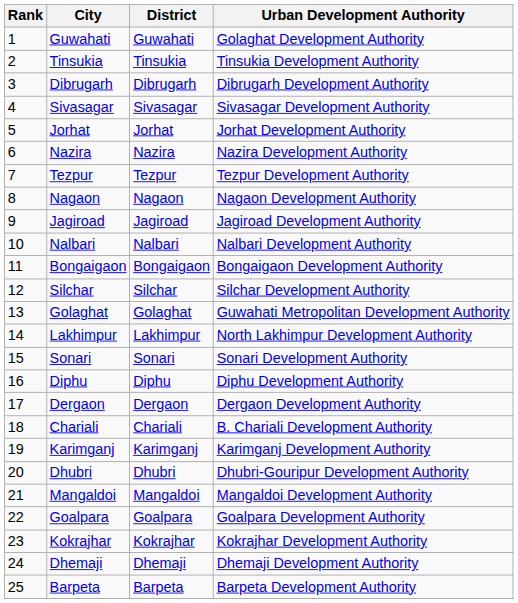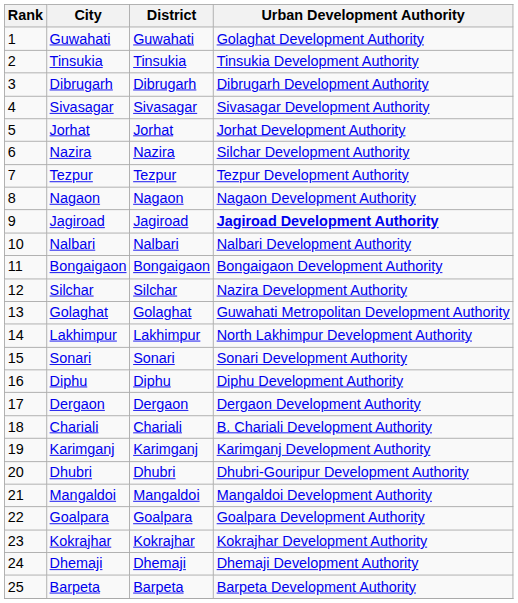 <table class="wikitable sortable">
 <tr>
 <th>Rank</th>
 <th>City</th>
 <th>District</th>
 <th>Urban Development Authority</th>
 </tr>
 <tr>
 <td>1</td>
 <td><a href='#'>Guwahati</a></td>
 <td><a href='#'>Guwahati</a></td>
 <td><a href='#'>Golaghat Development Authority</a></td>
 </tr>
 <tr>
 <td>2</td>
 <td><a href='#'>Tinsukia</a></td>
 <td><a href='#'>Tinsukia</a></td>
 <td><a href='#'>Tinsukia Development Authority</a></td>
 </tr>
 <tr>
 <td>3</td>
 <td><a href='#'>Dibrugarh</a></td>
 <td><a href='#'>Dibrugarh</a></td>
 <td><a href='#'>Dibrugarh Development Authority</a></td>
 </tr>
 <tr>
 <td>4</td>
 <td><a href='#'>Sivasagar</a></td>
 <td><a href='#'>Sivasagar</a></td>
 <td><a href='#'>Sivasagar Development Authority</a></td>
 </tr>
 <tr>
 <td>5</td>
 <td><a href='#'>Jorhat</a></td>
 <td><a href='#'>Jorhat</a></td>
 <td><a href='#'>Jorhat Development Authority</a></td>
 </tr>
 <tr>
 <td>6</td>
 <td><a href='#'>Nazira</a></td>
 <td><a href='#'>Nazira</a></td>
-<td><a href='#'>Nazira Development Authority</a></td>
+<td><a href='#'>Silchar Development Authority</a></td>
 </tr>
 <tr>
 <td>7</td>
 <td><a href='#'>Tezpur</a></td>
 <td><a href='#'>Tezpur</a></td>
 <td><a href='#'>Tezpur Development Authority</a></td>
 </tr>
 <tr>
 <td>8</td>
 <td><a href='#'>Nagaon</a></td>
 <td><a href='#'>Nagaon</a></td>
 <td><a href='#'>Nagaon Development Authority</a></td>
 </tr>
 <tr>
 <td>9</td>
 <td><a href='#'>Jagiroad</a></td>
 <td><a href='#'>Jagiroad</a></td>
-<td><a href='#'>Jagiroad Development Authority</a></td>
+<td><strong><a href='#'>Jagiroad Development Authority</a></strong></td>
 </tr>
 <tr>
 <td>10</td>
 <td><a href='#'>Nalbari</a></td>
 <td><a href='#'>Nalbari</a></td>
 <td><a href='#'>Nalbari Development Authority</a></td>
 </tr>
 <tr>
 <td>11</td>
 <td><a href='#'>Bongaigaon</a></td>
 <td><a href='#'>Bongaigaon</a></td>
 <td><a href='#'>Bongaigaon Development Authority</a></td>
 </tr>
 <tr>
 <td>12</td>
 <td><a href='#'>Silchar</a></td>
 <td><a href='#'>Silchar</a></td>
-<td><a href='#'>Silchar Development Authority</a></td>
+<td><a href='#'>Nazira Development Authority</a></td>
 </tr>
 <tr>
 <td>13</td>
 <td><a href='#'>Golaghat</a></td>
 <td><a href='#'>Golaghat</a></td>
 <td><a href='#'>Guwahati Metropolitan Development Authority</a></td>
 </tr>
 <tr>
 <td>14</td>
 <td><a href='#'>Lakhimpur</a></td>
 <td><a href='#'>Lakhimpur</a></td>
 <td><a href='#'>North Lakhimpur Development Authority</a></td>
 </tr>
 <tr>
 <td>15</td>
 <td><a href='#'>Sonari</a></td>
 <td><a href='#'>Sonari</a></td>
 <td><a href='#'>Sonari Development Authority</a></td>
 </tr>
 <tr>
 <td>16</td>
 <td><a href='#'>Diphu</a></td>
 <td><a href='#'>Diphu</a></td>
 <td><a href='#'>Diphu Development Authority</a></td>
 </tr>
 <tr>
 <td>17</td>
 <td><a href='#'>Dergaon</a></td>
 <td><a href='#'>Dergaon</a></td>
 <td><a href='#'>Dergaon Development Authority</a></td>
 </tr>
 <tr>
 <td>18</td>
 <td><a href='#'>Chariali</a></td>
 <td><a href='#'>Chariali</a></td>
 <td><a href='#'>B. Chariali Development Authority</a></td>
 </tr>
 <tr>
 <td>19</td>
 <td><a href='#'>Karimganj</a></td>
 <td><a href='#'>Karimganj</a></td>
 <td><a href='#'>Karimganj Development Authority</a></td>
 </tr>
 <tr>
 <td>20</td>
 <td><a href='#'>Dhubri</a></td>
 <td><a href='#'>Dhubri</a></td>
 <td><a href='#'>Dhubri-Gouripur Development Authority</a></td>
 </tr>
 <tr>
 <td>21</td>
 <td><a href='#'>Mangaldoi</a></td>
 <td><a href='#'>Mangaldoi</a></td>
 <td><a href='#'>Mangaldoi Development Authority</a></td>
 </tr>
 <tr>
 <td>22</td>
 <td><a href='#'>Goalpara</a></td>
 <td><a href='#'>Goalpara</a></td>
 <td><a href='#'>Goalpara Development Authority</a></td>
 </tr>
 <tr>
 <td>23</td>
 <td><a href='#'>Kokrajhar</a></td>
 <td><a href='#'>Kokrajhar</a></td>
 <td><a href='#'>Kokrajhar Development Authority</a></td>
 </tr>
 <tr>
 <td>24</td>
 <td><a href='#'>Dhemaji</a></td>
 <td><a href='#'>Dhemaji</a></td>
 <td><a href='#'>Dhemaji Development Authority</a></td>
 </tr>
 <tr>
 <td>25</td>
 <td><a href='#'>Barpeta</a></td>
 <td><a href='#'>Barpeta</a></td>
 <td><a href='#'>Barpeta Development Authority</a></td>
 </tr>
 <tr>
 </tr>
 </table>
